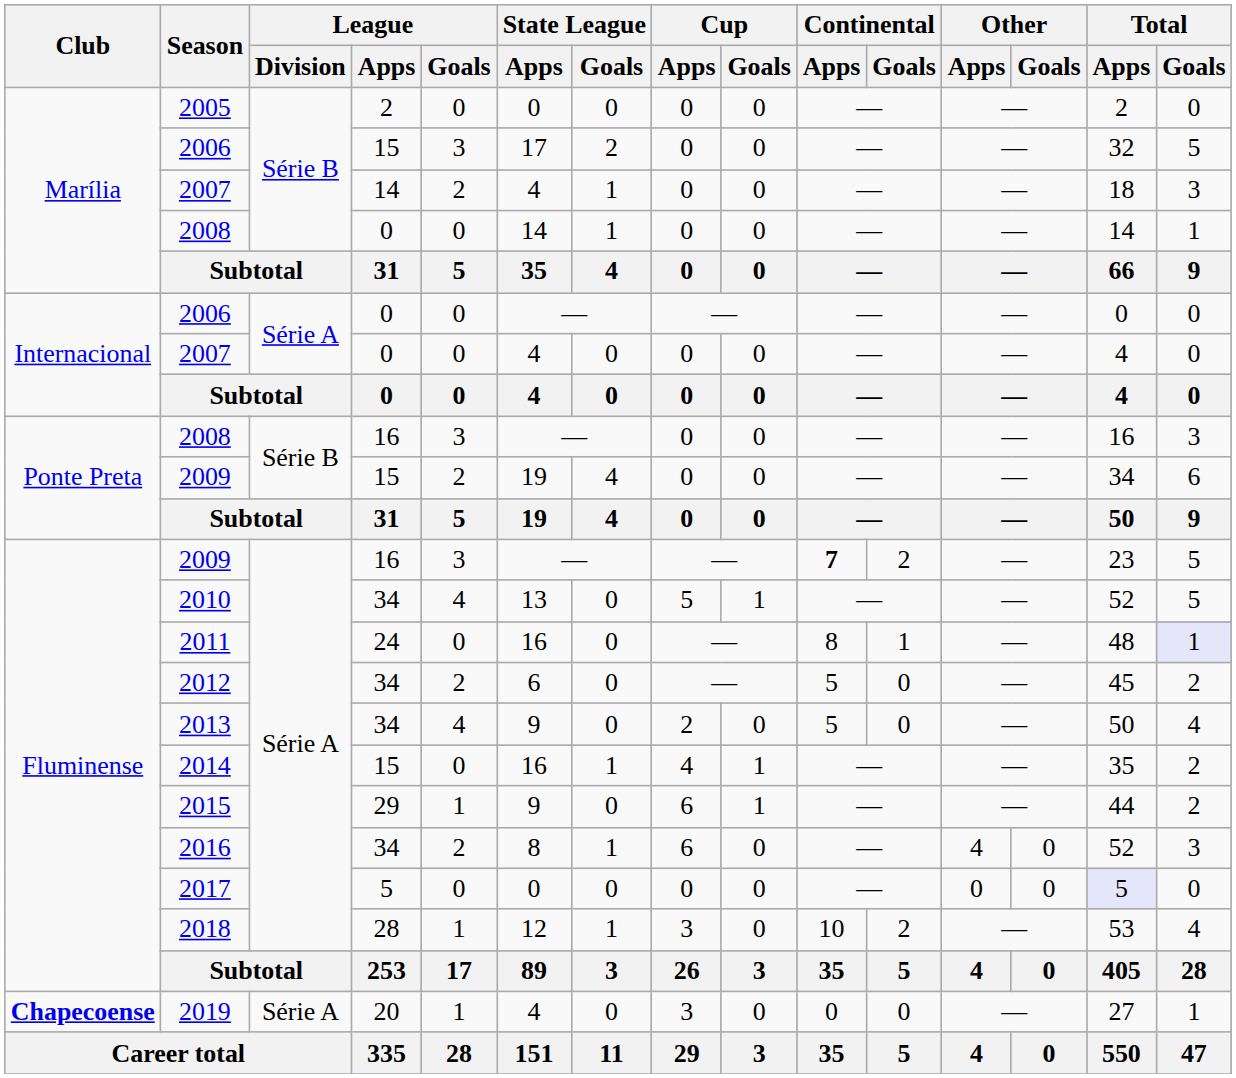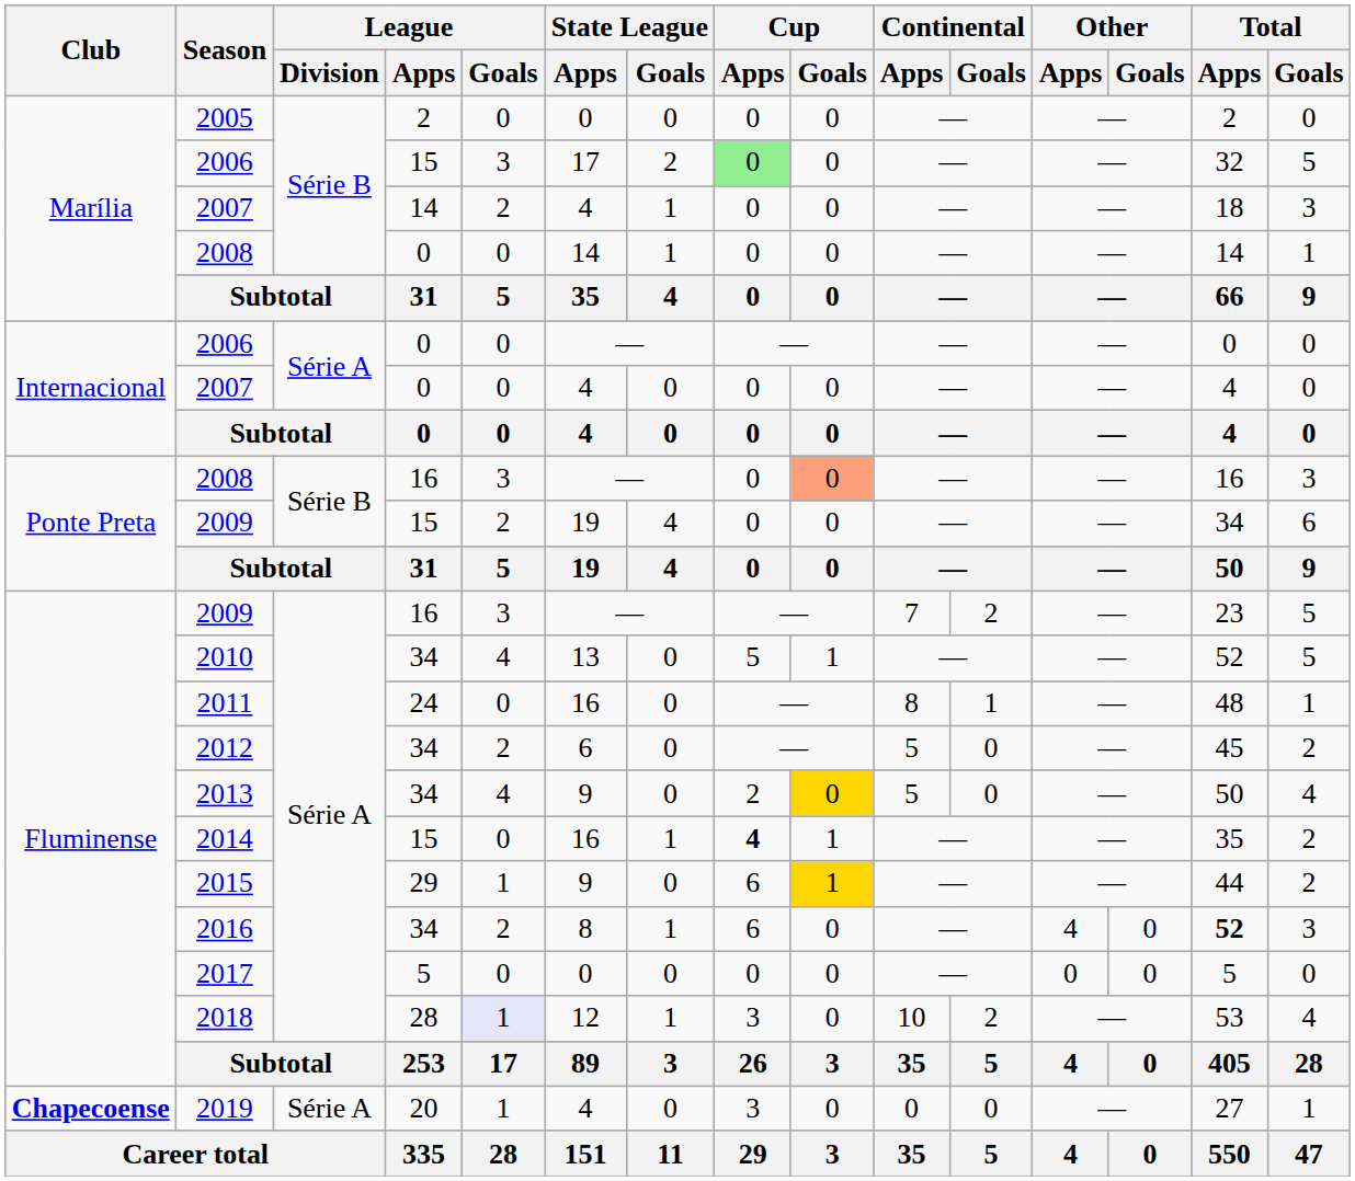 <table class="wikitable" style="text-align: center;">
 <tr>
 <th rowspan="2">Club</th>
 <th rowspan="2">Season</th>
 <th colspan="3">League</th>
 <th colspan="2">State League</th>
 <th colspan="2">Cup</th>
 <th colspan="2">Continental</th>
 <th colspan="2">Other</th>
 <th colspan="2">Total</th>
 </tr>
 <tr>
 <th>Division</th>
 <th>Apps</th>
 <th>Goals</th>
 <th>Apps</th>
 <th>Goals</th>
 <th>Apps</th>
 <th>Goals</th>
 <th>Apps</th>
 <th>Goals</th>
 <th>Apps</th>
 <th>Goals</th>
 <th>Apps</th>
 <th>Goals</th>
 </tr>
 <tr>
 <td rowspan="5" valign="center"><a href='#'>Marília</a></td>
 <td><a href='#'>2005</a></td>
 <td rowspan="4"><a href='#'>Série B</a></td>
 <td>2</td>
 <td>0</td>
 <td>0</td>
 <td>0</td>
 <td>0</td>
 <td>0</td>
 <td colspan="2">—</td>
 <td colspan="2">—</td>
 <td>2</td>
 <td>0</td>
 </tr>
 <tr>
 <td><a href='#'>2006</a></td>
 <td>15</td>
 <td>3</td>
 <td>17</td>
 <td>2</td>
-<td>0</td>
+<td style="background: lightgreen;">0</td>
 <td>0</td>
 <td colspan="2">—</td>
 <td colspan="2">—</td>
 <td>32</td>
 <td>5</td>
 </tr>
 <tr>
 <td><a href='#'>2007</a></td>
 <td>14</td>
 <td>2</td>
 <td>4</td>
 <td>1</td>
 <td>0</td>
 <td>0</td>
 <td colspan="2">—</td>
 <td colspan="2">—</td>
 <td>18</td>
 <td>3</td>
 </tr>
 <tr>
 <td><a href='#'>2008</a></td>
 <td>0</td>
 <td>0</td>
 <td>14</td>
 <td>1</td>
 <td>0</td>
 <td>0</td>
 <td colspan="2">—</td>
 <td colspan="2">—</td>
 <td>14</td>
 <td>1</td>
 </tr>
 <tr>
 <th colspan="2">Subtotal</th>
 <th>31</th>
 <th>5</th>
 <th>35</th>
 <th>4</th>
 <th>0</th>
 <th>0</th>
 <th colspan="2">—</th>
 <th colspan="2">—</th>
 <th>66</th>
 <th>9</th>
 </tr>
 <tr>
 <td rowspan="3" valign="center"><a href='#'>Internacional</a></td>
 <td><a href='#'>2006</a></td>
 <td rowspan="2"><a href='#'>Série A</a></td>
 <td>0</td>
 <td>0</td>
 <td colspan="2">—</td>
 <td colspan="2">—</td>
 <td colspan="2">—</td>
 <td colspan="2">—</td>
 <td>0</td>
 <td>0</td>
 </tr>
 <tr>
 <td><a href='#'>2007</a></td>
 <td>0</td>
 <td>0</td>
 <td>4</td>
 <td>0</td>
 <td>0</td>
 <td>0</td>
 <td colspan="2">—</td>
 <td colspan="2">—</td>
 <td>4</td>
 <td>0</td>
 </tr>
 <tr>
 <th colspan="2">Subtotal</th>
 <th>0</th>
 <th>0</th>
 <th>4</th>
 <th>0</th>
 <th>0</th>
 <th>0</th>
 <th colspan="2">—</th>
 <th colspan="2">—</th>
 <th>4</th>
 <th>0</th>
 </tr>
 <tr>
 <td rowspan="3" valign="center"><a href='#'>Ponte Preta</a></td>
 <td><a href='#'>2008</a></td>
 <td rowspan="2">Série B</td>
 <td>16</td>
 <td>3</td>
 <td colspan="2">—</td>
 <td>0</td>
-<td>0</td>
+<td style="background: lightsalmon;">0</td>
 <td colspan="2">—</td>
 <td colspan="2">—</td>
 <td>16</td>
 <td>3</td>
 </tr>
 <tr>
 <td><a href='#'>2009</a></td>
 <td>15</td>
 <td>2</td>
 <td>19</td>
 <td>4</td>
 <td>0</td>
 <td>0</td>
 <td colspan="2">—</td>
 <td colspan="2">—</td>
 <td>34</td>
 <td>6</td>
 </tr>
 <tr>
 <th colspan="2">Subtotal</th>
 <th>31</th>
 <th>5</th>
 <th>19</th>
 <th>4</th>
 <th>0</th>
 <th>0</th>
 <th colspan="2">—</th>
 <th colspan="2">—</th>
 <th>50</th>
 <th>9</th>
 </tr>
 <tr>
 <td rowspan="11" valign="center"><a href='#'>Fluminense</a></td>
 <td><a href='#'>2009</a></td>
 <td rowspan="10">Série A</td>
 <td>16</td>
 <td>3</td>
 <td colspan="2">—</td>
 <td colspan="2">—</td>
-<td><strong>7</strong></td>
+<td>7</td>
 <td>2</td>
 <td colspan="2">—</td>
 <td>23</td>
 <td>5</td>
 </tr>
 <tr>
 <td><a href='#'>2010</a></td>
 <td>34</td>
 <td>4</td>
 <td>13</td>
 <td>0</td>
 <td>5</td>
 <td>1</td>
 <td colspan="2">—</td>
 <td colspan="2">—</td>
 <td>52</td>
 <td>5</td>
 </tr>
 <tr>
 <td><a href='#'>2011</a></td>
 <td>24</td>
 <td>0</td>
 <td>16</td>
 <td>0</td>
 <td colspan="2">—</td>
 <td>8</td>
 <td>1</td>
 <td colspan="2">—</td>
 <td>48</td>
-<td style="background: lavender;">1</td>
+<td>1</td>
 </tr>
 <tr>
 <td><a href='#'>2012</a></td>
 <td>34</td>
 <td>2</td>
 <td>6</td>
 <td>0</td>
 <td colspan="2">—</td>
 <td>5</td>
 <td>0</td>
 <td colspan="2">—</td>
 <td>45</td>
 <td>2</td>
 </tr>
 <tr>
 <td><a href='#'>2013</a></td>
 <td>34</td>
 <td>4</td>
 <td>9</td>
 <td>0</td>
 <td>2</td>
-<td>0</td>
+<td style="background: gold;">0</td>
 <td>5</td>
 <td>0</td>
 <td colspan="2">—</td>
 <td>50</td>
 <td>4</td>
 </tr>
 <tr>
 <td><a href='#'>2014</a></td>
 <td>15</td>
 <td>0</td>
 <td>16</td>
 <td>1</td>
-<td>4</td>
+<td><strong>4</strong></td>
 <td>1</td>
 <td colspan="2">—</td>
 <td colspan="2">—</td>
 <td>35</td>
 <td>2</td>
 </tr>
 <tr>
 <td><a href='#'>2015</a></td>
 <td>29</td>
 <td>1</td>
 <td>9</td>
 <td>0</td>
 <td>6</td>
-<td>1</td>
+<td style="background: gold;">1</td>
 <td colspan="2">—</td>
 <td colspan="2">—</td>
 <td>44</td>
 <td>2</td>
 </tr>
 <tr>
 <td><a href='#'>2016</a></td>
 <td>34</td>
 <td>2</td>
 <td>8</td>
 <td>1</td>
 <td>6</td>
 <td>0</td>
 <td colspan="2">—</td>
 <td>4</td>
 <td>0</td>
-<td>52</td>
+<td><strong>52</strong></td>
 <td>3</td>
 </tr>
 <tr>
 <td><a href='#'>2017</a></td>
 <td>5</td>
 <td>0</td>
 <td>0</td>
 <td>0</td>
 <td>0</td>
 <td>0</td>
 <td colspan="2">—</td>
 <td>0</td>
 <td>0</td>
-<td style="background: lavender;">5</td>
+<td>5</td>
 <td>0</td>
 </tr>
 <tr>
 <td><a href='#'>2018</a></td>
 <td>28</td>
-<td>1</td>
+<td style="background: lavender;">1</td>
 <td>12</td>
 <td>1</td>
 <td>3</td>
 <td>0</td>
 <td>10</td>
 <td>2</td>
 <td colspan="2">—</td>
 <td>53</td>
 <td>4</td>
 </tr>
 <tr>
 <th colspan="2">Subtotal</th>
 <th>253</th>
 <th>17</th>
 <th>89</th>
 <th>3</th>
 <th>26</th>
 <th>3</th>
 <th>35</th>
 <th>5</th>
 <th>4</th>
 <th>0</th>
 <th>405</th>
 <th>28</th>
 </tr>
 <tr>
 <td valign="center"><strong><a href='#'>Chapecoense</a></strong></td>
 <td><a href='#'>2019</a></td>
 <td>Série A</td>
 <td>20</td>
 <td>1</td>
 <td>4</td>
 <td>0</td>
 <td>3</td>
 <td>0</td>
 <td>0</td>
 <td>0</td>
 <td colspan="2">—</td>
 <td>27</td>
 <td>1</td>
 </tr>
 <tr>
 <th colspan="3"><strong>Career total</strong></th>
 <th>335</th>
 <th>28</th>
 <th>151</th>
 <th>11</th>
 <th>29</th>
 <th>3</th>
 <th>35</th>
 <th>5</th>
 <th>4</th>
 <th>0</th>
 <th>550</th>
 <th>47</th>
 </tr>
 </table>
